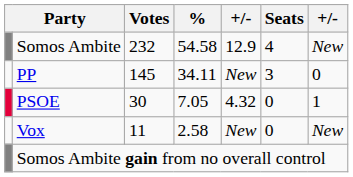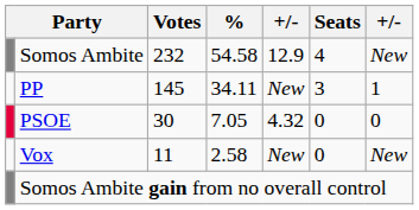 <table class="wikitable">
 <tr>
 <th colspan="2">Party</th>
 <th>Votes</th>
 <th>%</th>
 <th>+/-</th>
 <th>Seats</th>
 <th>+/-</th>
 </tr>
 <tr>
 <td bgcolor="grey"></td>
 <td>Somos Ambite</td>
 <td>232</td>
 <td>54.58</td>
 <td> 12.9</td>
 <td>4</td>
 <td><em>New</em></td>
 </tr>
 <tr>
 <td></td>
 <td><a href='#'>PP</a></td>
 <td>145</td>
 <td>34.11</td>
 <td><em>New</em></td>
 <td>3</td>
-<td> 0</td>
+<td> 1</td>
 </tr>
 <tr>
 <td bgcolor="#E4003B"></td>
 <td><a href='#'>PSOE</a></td>
 <td>30</td>
 <td>7.05</td>
 <td> 4.32</td>
 <td>0</td>
-<td> 1</td>
+<td> 0</td>
 </tr>
 <tr>
 <td></td>
 <td><a href='#'>Vox</a></td>
 <td>11</td>
 <td>2.58</td>
 <td><em>New</em></td>
 <td>0</td>
 <td><em>New</em></td>
 </tr>
 <tr>
 <td bgcolor="grey"></td>
 <td colspan="6">Somos Ambite <strong>gain</strong> from no overall control</td>
 </tr>
 </table>
